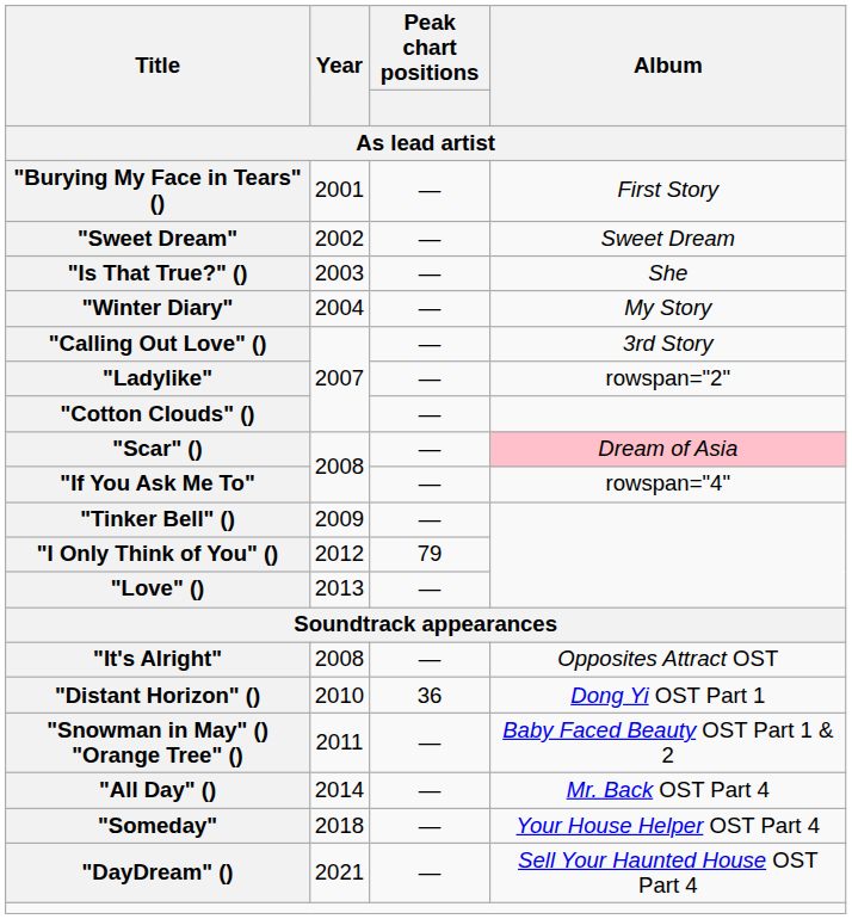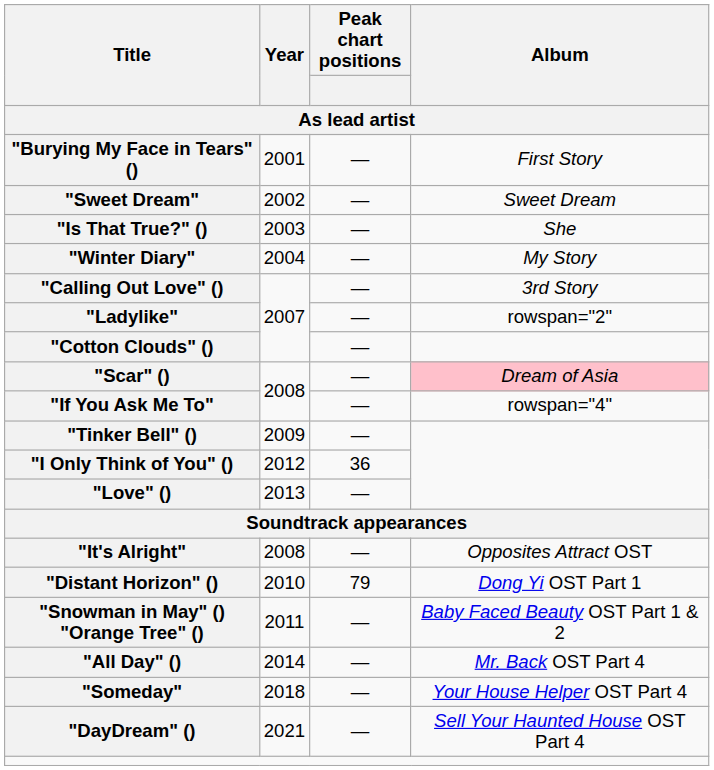 <table class="wikitable plainrowheaders" style="text-align:center">
 <tr>
 <th scope="col" rowspan="2">Title</th>
 <th scope="col" rowspan="2">Year</th>
 <th scope="col" colspan="1">Peak chart <br> positions</th>
 <th scope="col" rowspan="2">Album</th>
 </tr>
 <tr>
 <th><br></th>
 </tr>
 <tr>
 <th colspan="4" scope="col">As lead artist</th>
 </tr>
 <tr>
 <th scope="row">"Burying My Face in Tears" ()</th>
 <td>2001</td>
 <td>—</td>
 <td><em>First Story</em></td>
 </tr>
 <tr>
 <th scope="row">"Sweet Dream"</th>
 <td>2002</td>
 <td>—</td>
 <td><em>Sweet Dream</em></td>
 </tr>
 <tr>
 <th scope="row">"Is That True?" ()</th>
 <td>2003</td>
 <td>—</td>
 <td><em>She</em></td>
 </tr>
 <tr>
 <th scope="row">"Winter Diary"</th>
 <td>2004</td>
 <td>—</td>
 <td><em>My Story</em></td>
 </tr>
 <tr>
 <th scope="row">"Calling Out Love" ()</th>
 <td rowspan="3">2007</td>
 <td>—</td>
 <td><em>3rd Story</em></td>
 </tr>
 <tr>
 <th scope="row">"Ladylike"</th>
 <td>—</td>
 <td>rowspan="2" </td>
 </tr>
 <tr>
 <th scope="row">"Cotton Clouds" ()</th>
 <td>—</td>
 </tr>
 <tr>
 <th scope="row">"Scar" ()</th>
 <td rowspan="2">2008</td>
 <td>—</td>
 <td style="background: pink;"><em>Dream of Asia</em></td>
 </tr>
 <tr>
 <th scope="row">"If You Ask Me To"</th>
 <td>—</td>
 <td>rowspan="4" </td>
 </tr>
 <tr>
 <th scope="row">"Tinker Bell" ()</th>
 <td>2009</td>
 <td>—</td>
 </tr>
 <tr>
 <th scope="row">"I Only Think of You" ()</th>
 <td>2012</td>
-<td>79</td>
+<td>36</td>
 </tr>
 <tr>
 <th scope="row">"Love" ()</th>
 <td>2013</td>
 <td>—</td>
 </tr>
 <tr>
 <th colspan="4" scope="col">Soundtrack appearances</th>
 </tr>
 <tr>
 <th scope="row">"It's Alright"</th>
 <td>2008</td>
 <td>—</td>
 <td><em>Opposites Attract</em> OST</td>
 </tr>
 <tr>
 <th scope="row">"Distant Horizon" ()</th>
 <td>2010</td>
-<td>36</td>
+<td>79</td>
 <td><em><a href='#'>Dong Yi</a></em> OST Part 1</td>
 </tr>
 <tr>
 <th scope="row">"Snowman in May" () <br> "Orange Tree" ()</th>
 <td>2011</td>
 <td>—</td>
 <td><em><a href='#'>Baby Faced Beauty</a></em> OST Part 1 & 2</td>
 </tr>
 <tr>
 <th scope="row">"All Day" ()</th>
 <td>2014</td>
 <td>—</td>
 <td><em><a href='#'>Mr. Back</a></em> OST Part 4</td>
 </tr>
 <tr>
 <th scope="row">"Someday"</th>
 <td>2018</td>
 <td>—</td>
 <td><em><a href='#'>Your House Helper</a></em> OST Part 4</td>
 </tr>
 <tr>
 <th scope="row">"DayDream" ()</th>
 <td>2021</td>
 <td>—</td>
 <td><em><a href='#'>Sell Your Haunted House</a></em> OST Part 4</td>
 </tr>
 <tr>
 <td colspan="4" style="text-align:center"></td>
 </tr>
 </table>
